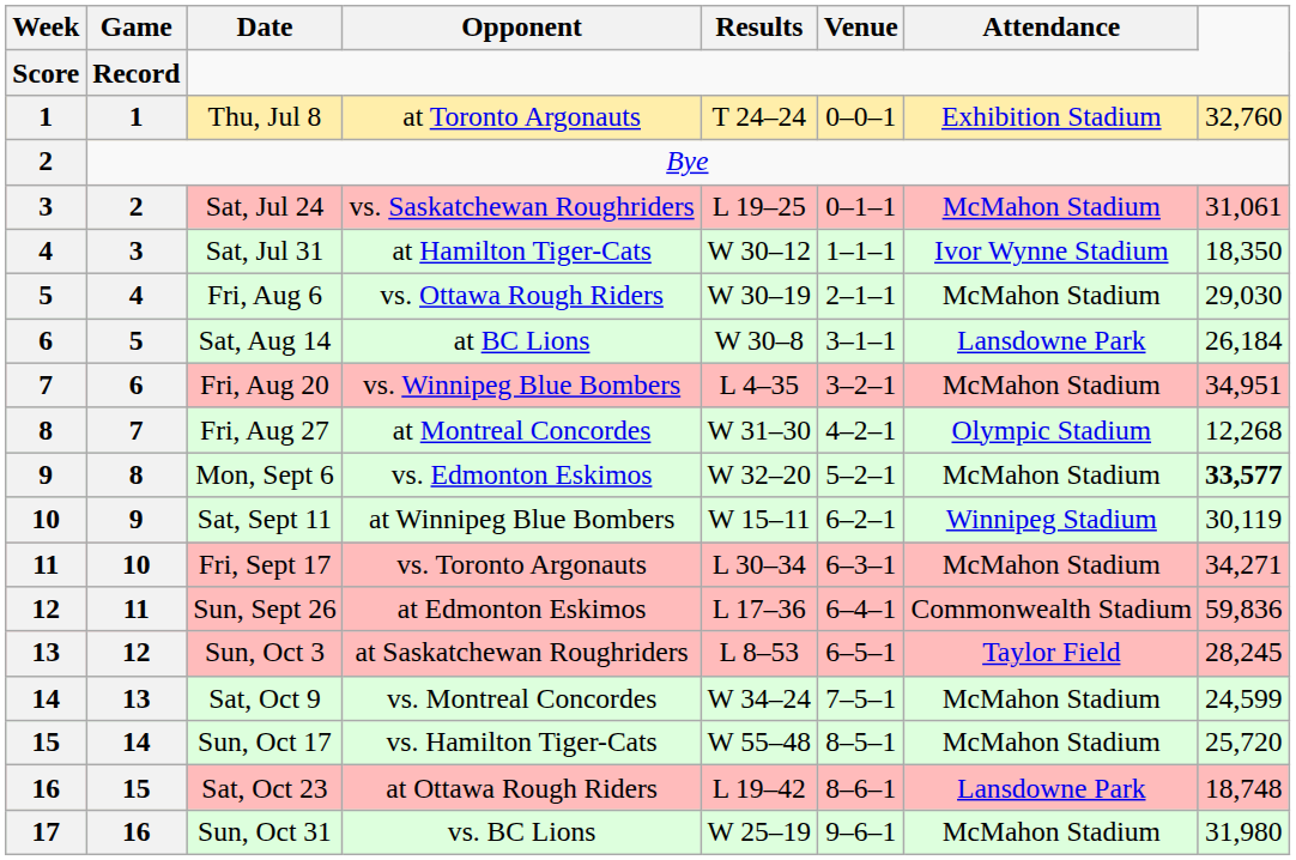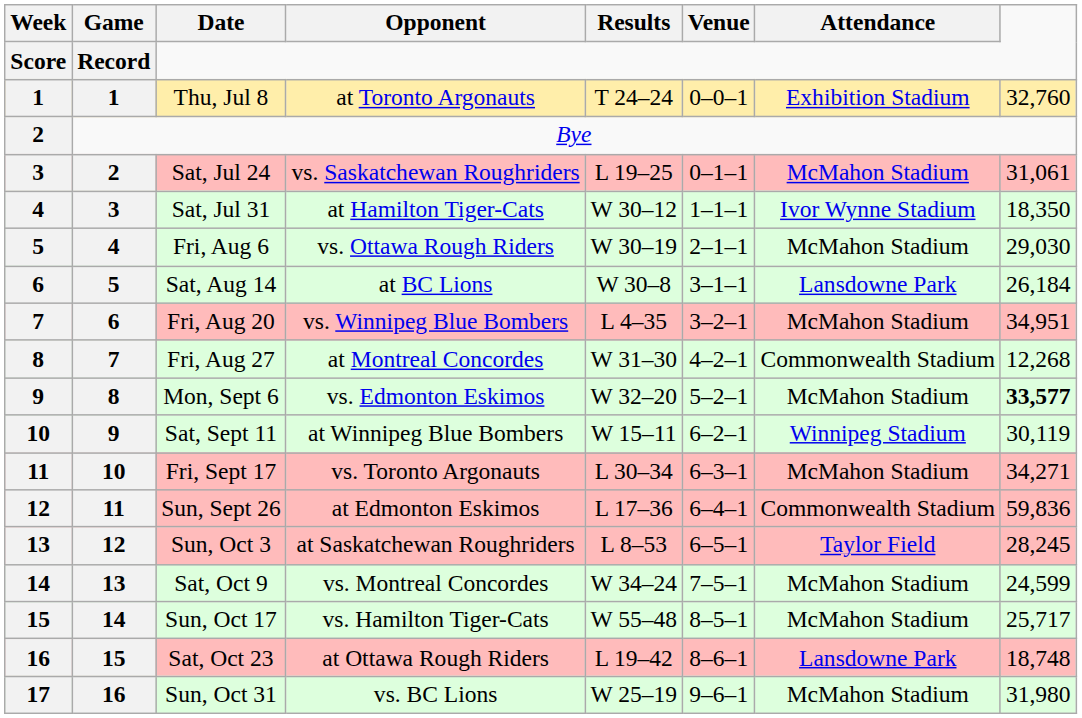 <table class="wikitable" style="text-align:center">
 <tr>
 <th>Week</th>
 <th>Game</th>
 <th>Date</th>
 <th>Opponent</th>
 <th>Results</th>
 <th>Venue</th>
 <th>Attendance</th>
 </tr>
 <tr>
 <th>Score</th>
 <th>Record</th>
 </tr>
 <tr style="background:#ffeeaa">
 <th>1</th>
 <th>1</th>
 <td>Thu, Jul 8</td>
 <td>at <a href='#'>Toronto Argonauts</a></td>
 <td>T 24–24</td>
 <td>0–0–1</td>
 <td><a href='#'>Exhibition Stadium</a></td>
 <td>32,760</td>
 </tr>
 <tr>
 <th>2</th>
 <td colspan="7"><em><a href='#'>Bye</a></em></td>
 </tr>
 <tr style="background:#ffbbbb">
 <th>3</th>
 <th>2</th>
 <td>Sat, Jul 24</td>
 <td>vs. <a href='#'>Saskatchewan Roughriders</a></td>
 <td>L 19–25</td>
 <td>0–1–1</td>
 <td><a href='#'>McMahon Stadium</a></td>
 <td>31,061</td>
 </tr>
 <tr style="background:#ddffdd">
 <th>4</th>
 <th>3</th>
 <td>Sat, Jul 31</td>
 <td>at <a href='#'>Hamilton Tiger-Cats</a></td>
 <td>W 30–12</td>
 <td>1–1–1</td>
 <td><a href='#'>Ivor Wynne Stadium</a></td>
 <td>18,350</td>
 </tr>
 <tr style="background:#ddffdd">
 <th>5</th>
 <th>4</th>
 <td>Fri, Aug 6</td>
 <td>vs. <a href='#'>Ottawa Rough Riders</a></td>
 <td>W 30–19</td>
 <td>2–1–1</td>
 <td>McMahon Stadium</td>
 <td>29,030</td>
 </tr>
 <tr style="background:#ddffdd">
 <th>6</th>
 <th>5</th>
 <td>Sat, Aug 14</td>
 <td>at <a href='#'>BC Lions</a></td>
 <td>W 30–8</td>
 <td>3–1–1</td>
 <td><a href='#'>Lansdowne Park</a></td>
 <td>26,184</td>
 </tr>
 <tr style="background:#ffbbbb">
 <th>7</th>
 <th>6</th>
 <td>Fri, Aug 20</td>
 <td>vs. <a href='#'>Winnipeg Blue Bombers</a></td>
 <td>L 4–35</td>
 <td>3–2–1</td>
 <td>McMahon Stadium</td>
 <td>34,951</td>
 </tr>
 <tr style="background:#ddffdd">
 <th>8</th>
 <th>7</th>
 <td>Fri, Aug 27</td>
 <td>at <a href='#'>Montreal Concordes</a></td>
 <td>W 31–30</td>
 <td>4–2–1</td>
-<td><a href='#'>Olympic Stadium</a></td>
+<td>Commonwealth Stadium</td>
 <td>12,268</td>
 </tr>
 <tr style="background:#ddffdd">
 <th>9</th>
 <th>8</th>
 <td>Mon, Sept 6</td>
 <td>vs. <a href='#'>Edmonton Eskimos</a></td>
 <td>W 32–20</td>
 <td>5–2–1</td>
 <td>McMahon Stadium</td>
 <td><strong>33,577</strong></td>
 </tr>
 <tr style="background:#ddffdd">
 <th>10</th>
 <th>9</th>
 <td>Sat, Sept 11</td>
 <td>at Winnipeg Blue Bombers</td>
 <td>W 15–11</td>
 <td>6–2–1</td>
 <td><a href='#'>Winnipeg Stadium</a></td>
 <td>30,119</td>
 </tr>
 <tr style="background:#ffbbbb">
 <th>11</th>
 <th>10</th>
 <td>Fri, Sept 17</td>
 <td>vs. Toronto Argonauts</td>
 <td>L 30–34</td>
 <td>6–3–1</td>
 <td>McMahon Stadium</td>
 <td>34,271</td>
 </tr>
 <tr style="background:#ffbbbb">
 <th>12</th>
 <th>11</th>
 <td>Sun, Sept 26</td>
 <td>at Edmonton Eskimos</td>
 <td>L 17–36</td>
 <td>6–4–1</td>
 <td>Commonwealth Stadium</td>
 <td>59,836</td>
 </tr>
 <tr style="background:#ffbbbb">
 <th>13</th>
 <th>12</th>
 <td>Sun, Oct 3</td>
 <td>at Saskatchewan Roughriders</td>
 <td>L 8–53</td>
 <td>6–5–1</td>
 <td><a href='#'>Taylor Field</a></td>
 <td>28,245</td>
 </tr>
 <tr style="background:#ddffdd">
 <th>14</th>
 <th>13</th>
 <td>Sat, Oct 9</td>
 <td>vs. Montreal Concordes</td>
 <td>W 34–24</td>
 <td>7–5–1</td>
 <td>McMahon Stadium</td>
 <td>24,599</td>
 </tr>
 <tr style="background:#ddffdd">
 <th>15</th>
 <th>14</th>
 <td>Sun, Oct 17</td>
 <td>vs. Hamilton Tiger-Cats</td>
 <td>W 55–48</td>
 <td>8–5–1</td>
 <td>McMahon Stadium</td>
-<td>25,720</td>
+<td>25,717</td>
 </tr>
 <tr style="background:#ffbbbb">
 <th>16</th>
 <th>15</th>
 <td>Sat, Oct 23</td>
 <td>at Ottawa Rough Riders</td>
 <td>L 19–42</td>
 <td>8–6–1</td>
 <td><a href='#'>Lansdowne Park</a></td>
 <td>18,748</td>
 </tr>
 <tr style="background:#ddffdd">
 <th>17</th>
 <th>16</th>
 <td>Sun, Oct 31</td>
 <td>vs. BC Lions</td>
 <td>W 25–19</td>
 <td>9–6–1</td>
 <td>McMahon Stadium</td>
 <td>31,980</td>
 </tr>
 </table>
